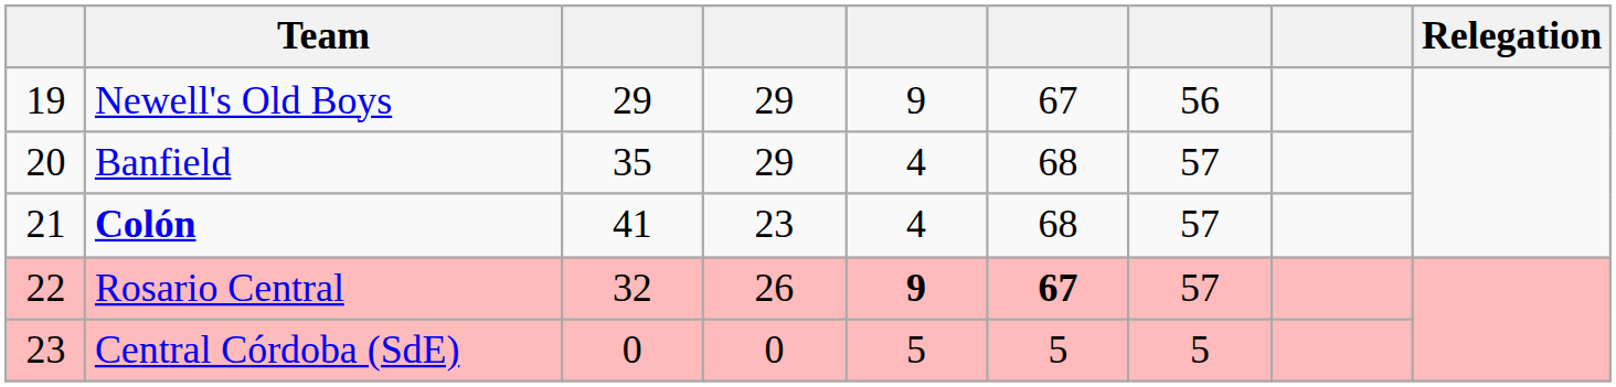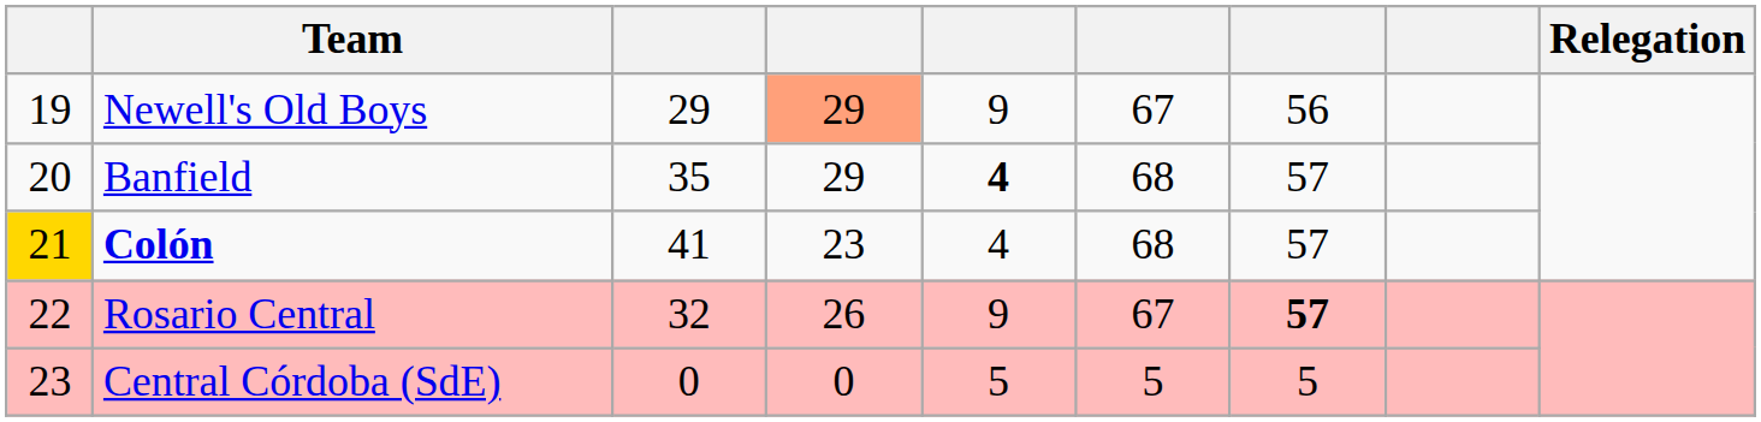 <table class="wikitable sortable" style="text-align: center;">
 <tr>
 <th width=25></th>
 <th width=185>Team</th>
 <th width=50></th>
 <th width=50></th>
 <th width=50></th>
 <th width=50></th>
 <th width=50></th>
 <th width=50></th>
 <th>Relegation</th>
 </tr>
 <tr>
 <td>19</td>
 <td align="left"><a href='#'>Newell's Old Boys</a></td>
 <td>29</td>
-<td>29</td>
+<td style="background: lightsalmon;">29</td>
 <td>9</td>
 <td>67</td>
 <td>56</td>
 <td><strong></strong></td>
 </tr>
 <tr>
 <td>20</td>
 <td align="left"><a href='#'>Banfield</a></td>
 <td>35</td>
 <td>29</td>
-<td>4</td>
+<td><strong>4</strong></td>
 <td>68</td>
 <td>57</td>
 <td><strong></strong></td>
 </tr>
 <tr>
-<td>21</td>
+<td style="background: gold;">21</td>
 <td align="left"><strong><a href='#'>Colón</a></strong></td>
 <td>41</td>
 <td>23</td>
 <td>4</td>
 <td>68</td>
 <td>57</td>
 <td><strong></strong></td>
 </tr>
 <tr bgcolor=#FFBBBB>
 <td>22</td>
 <td align="left"><a href='#'>Rosario Central</a></td>
 <td>32</td>
 <td>26</td>
-<td><strong>9</strong></td>
-<td><strong>67</strong></td>
-<td>57</td>
+<td>9</td>
+<td>67</td>
+<td><strong>57</strong></td>
 <td><strong></strong></td>
 <td rowspan=3></td>
 </tr>
 <tr bgcolor=#FFBBBB>
 <td>23</td>
 <td align="left"><a href='#'>Central Córdoba (SdE)</a></td>
 <td>0</td>
 <td>0</td>
 <td>5</td>
 <td>5</td>
 <td>5</td>
 <td><strong></strong></td>
 </tr>
 </table>
